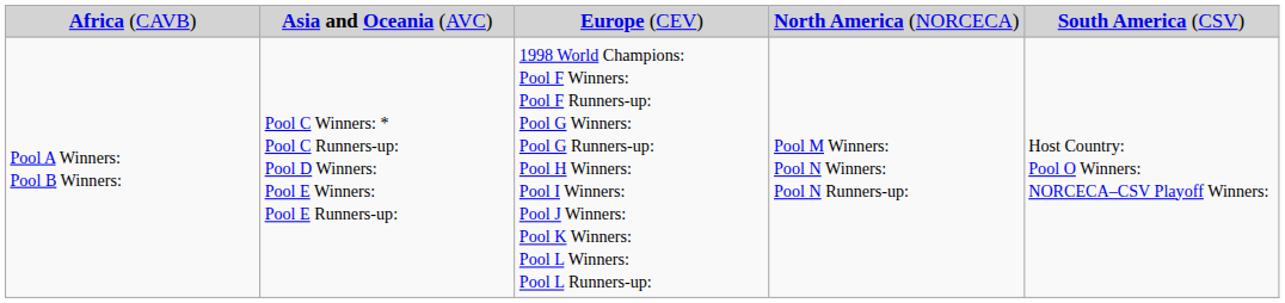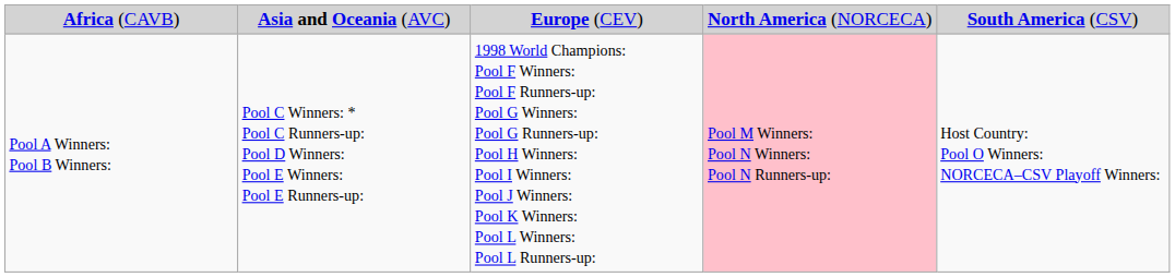 <table class="wikitable">
 <tr style="background:Lightgrey;">
 <td style="width:20%; text-align:center;"><strong><a href='#'>Africa</a></strong> (<a href='#'>CAVB</a>)</td>
 <td style="width:20%; text-align:center;"><strong><a href='#'>Asia</a> and <a href='#'>Oceania</a></strong> (<a href='#'>AVC</a>)</td>
 <td style="width:20%; text-align:center;"><strong><a href='#'>Europe</a></strong> (<a href='#'>CEV</a>)</td>
 <td style="width:20%; text-align:center;"><strong><a href='#'>North America</a></strong> (<a href='#'>NORCECA</a>)</td>
 <td style="width:20%; text-align:center;"><strong><a href='#'>South America</a></strong> (<a href='#'>CSV</a>)</td>
 </tr>
 <tr>
 <td><small><a href='#'>Pool A</a> Winners: <br><a href='#'>Pool B</a> Winners: </small></td>
 <td><small><a href='#'>Pool C</a> Winners:  *<br><a href='#'>Pool C</a> Runners-up: <br><a href='#'>Pool D</a> Winners: <br><a href='#'>Pool E</a> Winners: <br><a href='#'>Pool E</a> Runners-up: </small></td>
 <td><small><a href='#'>1998 World</a> Champions: <br><a href='#'>Pool F</a> Winners: <br><a href='#'>Pool F</a> Runners-up: <br><a href='#'>Pool G</a> Winners: <br><a href='#'>Pool G</a> Runners-up: <br><a href='#'>Pool H</a> Winners: <br><a href='#'>Pool I</a> Winners: <br><a href='#'>Pool J</a> Winners: <br><a href='#'>Pool K</a> Winners: <br><a href='#'>Pool L</a> Winners: <br><a href='#'>Pool L</a> Runners-up: </small></td>
-<td><small><a href='#'>Pool M</a> Winners: <br><a href='#'>Pool N</a> Winners: <br><a href='#'>Pool N</a> Runners-up: </small></td>
+<td style="background: pink;"><small><a href='#'>Pool M</a> Winners: <br><a href='#'>Pool N</a> Winners: <br><a href='#'>Pool N</a> Runners-up: </small></td>
 <td><small>Host Country: <br><a href='#'>Pool O</a> Winners: <br><a href='#'>NORCECA–CSV Playoff</a> Winners: </small></td>
 </tr>
 </table>
